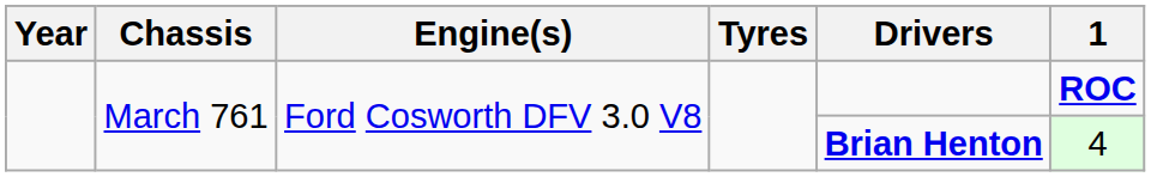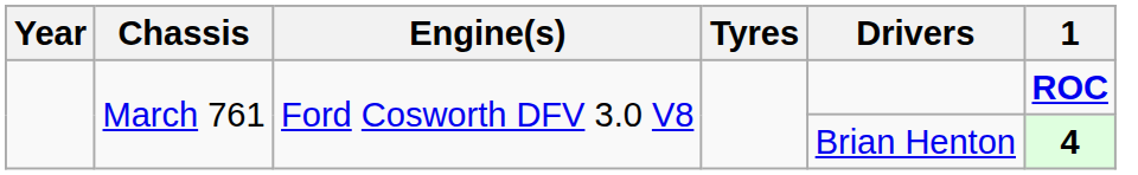 <table class="wikitable" style="text-align:center; font-size:95%">
 <tr>
 <th>Year</th>
 <th>Chassis</th>
 <th>Engine(s)</th>
 <th>Tyres</th>
 <th>Drivers</th>
 <th>1</th>
 </tr>
 <tr>
 <td rowspan="2"></td>
 <td rowspan="2"><a href='#'>March</a> 761</td>
 <td rowspan="2"><a href='#'>Ford</a> <a href='#'>Cosworth DFV</a> 3.0 <a href='#'>V8</a></td>
 <td rowspan="2"></td>
 <td></td>
 <td><strong><a href='#'>ROC</a></strong></td>
 </tr>
 <tr>
-<td align="left"><strong> <a href='#'>Brian Henton</a></strong></td>
-<td style="background:#DFFFDF;">4</td>
+<td align="left"> <a href='#'>Brian Henton</a></td>
+<td style="background:#DFFFDF;"><strong>4</strong></td>
 </tr>
 </table>
